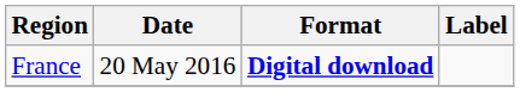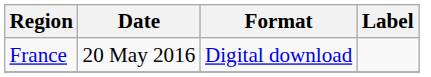 <table class=wikitable>
 <tr>
 <th>Region</th>
 <th>Date</th>
 <th>Format</th>
 <th>Label</th>
 </tr>
 <tr>
 <td><a href='#'>France</a></td>
 <td>20 May 2016</td>
-<td><strong><a href='#'>Digital download</a></strong></td>
+<td><a href='#'>Digital download</a></td>
 <td></td>
 </tr>
 <tr>
 </tr>
 </table>
